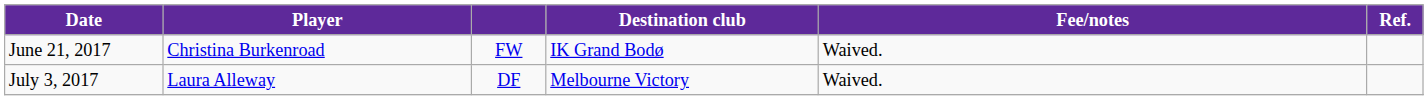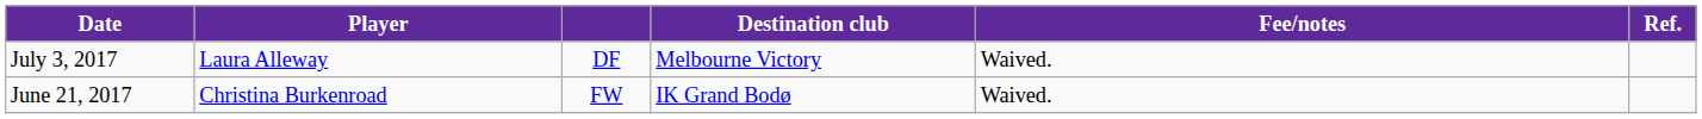 <table class="wikitable" style="text-align:left; font-size:95%;">
 <tr>
 <th style="background:#5E299A; color:white; width:125px;">Date</th>
 <th style="background:#5E299A; color:white; width:250px;">Player</th>
 <th style="background:#5E299A; color:white; width:55px;"></th>
 <th style="background:#5E299A; color:white; width:220px;">Destination club</th>
 <th style="background:#5E299A; color:white; width:450px;">Fee/notes</th>
 <th style="background:#5E299A; color:white; width:40px;">Ref.</th>
 </tr>
 <tr>
+<td>July 3, 2017</td>
+<td> <a href='#'>Laura Alleway</a></td>
+<td style="text-align: center;"><a href='#'>DF</a></td>
+<td> <a href='#'>Melbourne Victory</a></td>
+<td>Waived.</td>
+<td></td>
+</tr>
+<tr>
 <td>June 21, 2017</td>
 <td> <a href='#'>Christina Burkenroad</a></td>
 <td style="text-align: center;"><a href='#'>FW</a></td>
 <td> <a href='#'>IK Grand Bodø</a></td>
 <td>Waived.</td>
 <td></td>
 </tr>
 <tr>
-<td>July 3, 2017</td>
-<td> <a href='#'>Laura Alleway</a></td>
-<td style="text-align: center;"><a href='#'>DF</a></td>
-<td> <a href='#'>Melbourne Victory</a></td>
-<td>Waived.</td>
-<td></td>
-</tr>
-<tr>
 </tr>
 </table>
